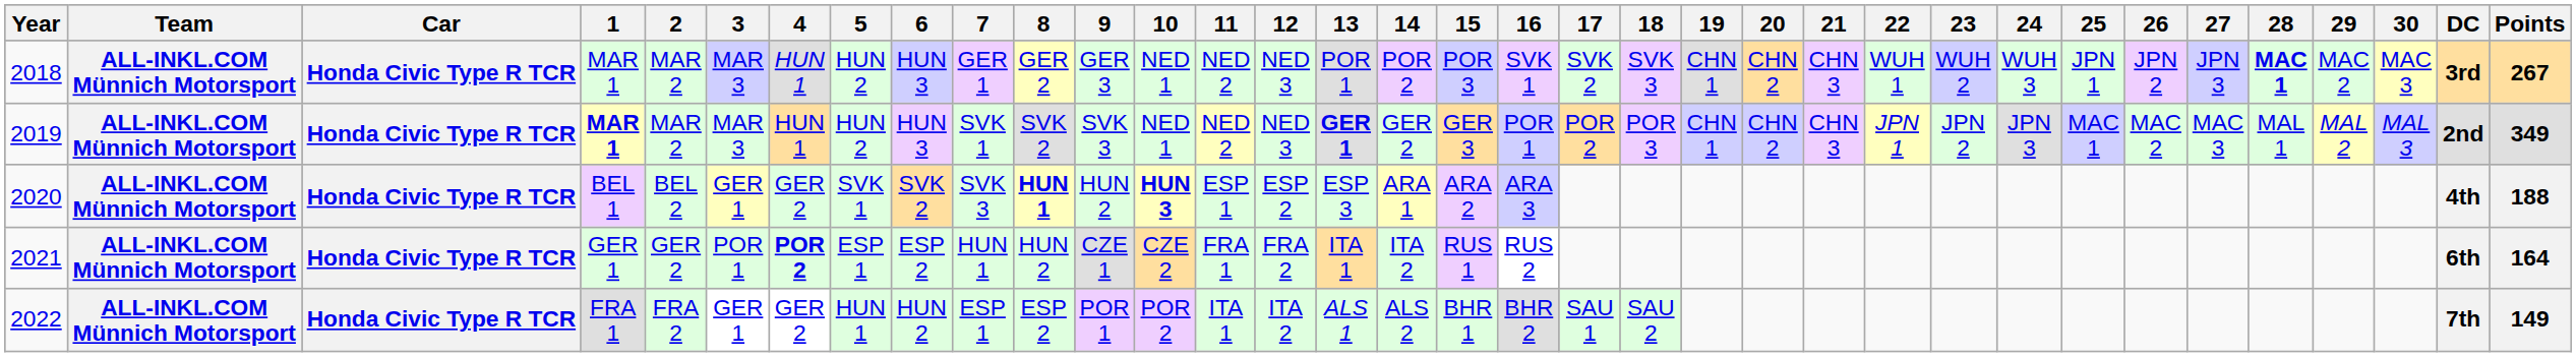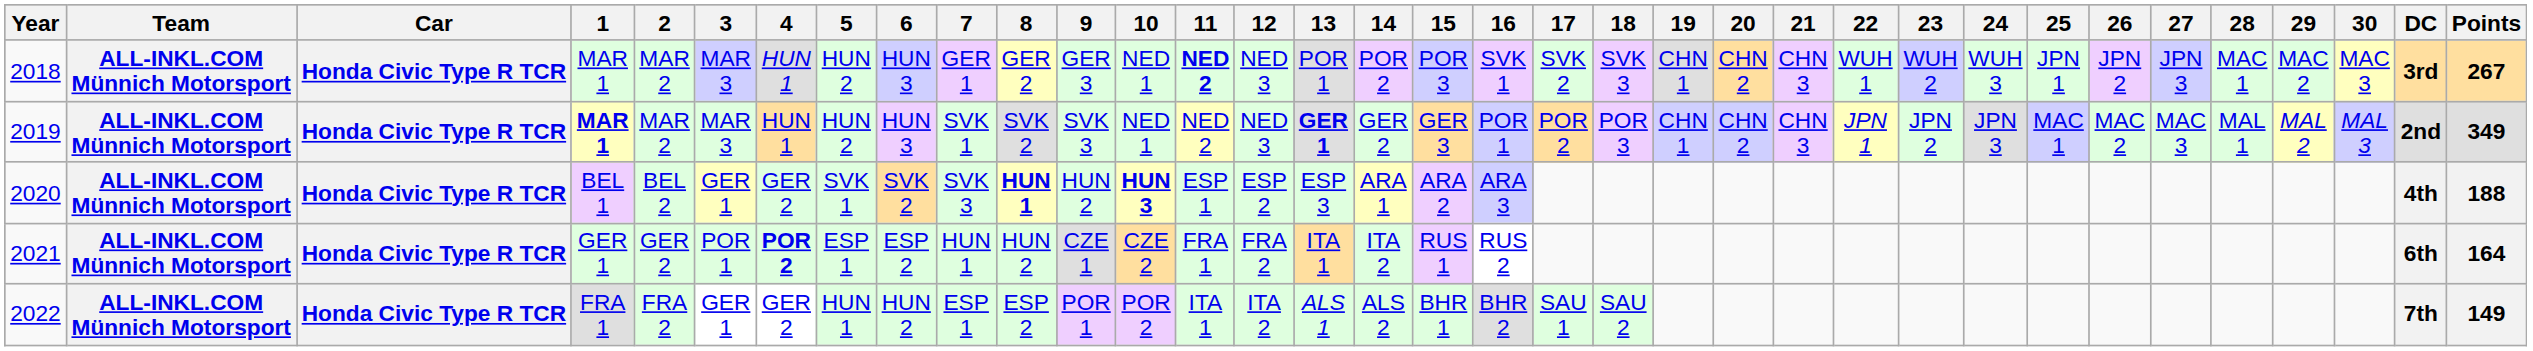 <table class="wikitable" style="text-align:center; font-size:85%">
 <tr>
 <th>Year</th>
 <th>Team</th>
 <th>Car</th>
 <th>1</th>
 <th>2</th>
 <th>3</th>
 <th>4</th>
 <th>5</th>
 <th>6</th>
 <th>7</th>
 <th>8</th>
 <th>9</th>
 <th>10</th>
 <th>11</th>
 <th>12</th>
 <th>13</th>
 <th>14</th>
 <th>15</th>
 <th>16</th>
 <th>17</th>
 <th>18</th>
 <th>19</th>
 <th>20</th>
 <th>21</th>
 <th>22</th>
 <th>23</th>
 <th>24</th>
 <th>25</th>
 <th>26</th>
 <th>27</th>
 <th>28</th>
 <th>29</th>
 <th>30</th>
 <th>DC</th>
 <th>Points</th>
 </tr>
 <tr>
 <td><a href='#'>2018</a></td>
 <th nowrap><a href='#'>ALL-INKL.COM<br>Münnich Motorsport</a></th>
 <th nowrap><a href='#'>Honda Civic Type R TCR</a></th>
 <td style="background:#DFFFDF;"><a href='#'>MAR<br>1</a><br></td>
 <td style="background:#DFFFDF;"><a href='#'>MAR<br>2</a><br></td>
 <td style="background:#CFCFFF;"><a href='#'>MAR<br>3</a><br></td>
 <td style="background:#DFDFDF;"><em><a href='#'>HUN<br>1</a></em><br></td>
 <td style="background:#DFFFDF;"><a href='#'>HUN<br>2</a><br></td>
 <td style="background:#CFCFFF;"><a href='#'>HUN<br>3</a><br></td>
 <td style="background:#EFCFFF;"><a href='#'>GER<br>1</a><br></td>
 <td style="background:#FFFFBF;"><a href='#'>GER<br>2</a><br></td>
 <td style="background:#DFFFDF;"><a href='#'>GER<br>3</a><br></td>
 <td style="background:#DFFFDF;"><a href='#'>NED<br>1</a><br></td>
-<td style="background:#DFFFDF;"><a href='#'>NED<br>2</a><br></td>
+<td style="background:#DFFFDF;"><strong><a href='#'>NED<br>2</a><br></strong></td>
 <td style="background:#DFFFDF;"><a href='#'>NED<br>3</a><br></td>
 <td style="background:#DFDFDF;"><a href='#'>POR<br>1</a><br></td>
 <td style="background:#EFCFFF;"><a href='#'>POR<br>2</a><br></td>
 <td style="background:#CFCFFF;"><a href='#'>POR<br>3</a><br></td>
 <td style="background:#EFCFFF;"><a href='#'>SVK<br>1</a><br></td>
 <td style="background:#DFFFDF;"><a href='#'>SVK<br>2</a><br></td>
 <td style="background:#EFCFFF;"><a href='#'>SVK<br>3</a><br></td>
 <td style="background:#DFDFDF;"><a href='#'>CHN<br>1</a><br></td>
 <td style="background:#FFDF9F;"><a href='#'>CHN<br>2</a><br></td>
 <td style="background:#EFCFFF;"><a href='#'>CHN<br>3</a><br></td>
 <td style="background:#DFFFDF;"><a href='#'>WUH<br>1</a><br></td>
 <td style="background:#CFCFFF;"><a href='#'>WUH<br>2</a><br></td>
 <td style="background:#DFFFDF;"><a href='#'>WUH<br>3</a><br></td>
 <td style="background:#DFFFDF;"><a href='#'>JPN<br>1</a><br></td>
 <td style="background:#EFCFFF;"><a href='#'>JPN<br>2</a><br></td>
 <td style="background:#CFCFFF;"><a href='#'>JPN<br>3</a><br></td>
-<td style="background:#DFFFDF;"><strong><a href='#'>MAC<br>1</a><br></strong></td>
+<td style="background:#DFFFDF;"><a href='#'>MAC<br>1</a><br></td>
 <td style="background:#DFFFDF;"><a href='#'>MAC<br>2</a><br></td>
 <td style="background:#FFFFBF;"><a href='#'>MAC<br>3</a><br></td>
 <th style="background:#FFDF9F;">3rd</th>
 <th style="background:#FFDF9F;">267</th>
 </tr>
 <tr>
 <td><a href='#'>2019</a></td>
 <th nowrap><a href='#'>ALL-INKL.COM<br>Münnich Motorsport</a></th>
 <th nowrap><a href='#'>Honda Civic Type R TCR</a></th>
 <td style="background:#FFFFBF;"><strong><a href='#'>MAR<br>1</a></strong><br></td>
 <td style="background:#DFFFDF;"><a href='#'>MAR<br>2</a><br></td>
 <td style="background:#DFFFDF;"><a href='#'>MAR<br>3</a><br></td>
 <td style="background:#FFDF9F;"><a href='#'>HUN<br>1</a><br></td>
 <td style="background:#DFFFDF;"><a href='#'>HUN<br>2</a><br></td>
 <td style="background:#EFCFFF;"><a href='#'>HUN<br>3</a><br></td>
 <td style="background:#DFFFDF;"><a href='#'>SVK<br>1</a><br></td>
 <td style="background:#DFDFDF;"><a href='#'>SVK<br>2</a><br></td>
 <td style="background:#DFFFDF;"><a href='#'>SVK<br>3</a><br></td>
 <td style="background:#DFFFDF;"><a href='#'>NED<br>1</a><br></td>
 <td style="background:#FFFFBF;"><a href='#'>NED<br>2</a><br></td>
 <td style="background:#DFFFDF;"><a href='#'>NED<br>3</a><br></td>
 <td style="background:#DFDFDF;"><strong><a href='#'>GER<br>1</a></strong><br></td>
 <td style="background:#DFFFDF;"><a href='#'>GER<br>2</a><br></td>
 <td style="background:#FFDF9F;"><a href='#'>GER<br>3</a><br></td>
 <td style="background:#CFCFFF;"><a href='#'>POR<br>1</a><br></td>
 <td style="background:#FFDF9F;"><a href='#'>POR<br>2</a><br></td>
 <td style="background:#EFCFFF;"><a href='#'>POR<br>3</a><br></td>
 <td style="background:#CFCFFF;"><a href='#'>CHN<br>1</a><br></td>
 <td style="background:#CFCFFF;"><a href='#'>CHN<br>2</a><br></td>
 <td style="background:#EFCFFF;"><a href='#'>CHN<br>3</a><br></td>
 <td style="background:#FFFFBF;"><em><a href='#'>JPN<br>1</a></em><br></td>
 <td style="background:#DFFFDF;"><a href='#'>JPN<br>2</a><br></td>
 <td style="background:#DFDFDF;"><a href='#'>JPN<br>3</a><br></td>
 <td style="background:#CFCFFF;"><a href='#'>MAC<br>1</a><br></td>
 <td style="background:#DFFFDF;"><a href='#'>MAC<br>2</a><br></td>
 <td style="background:#DFFFDF;"><a href='#'>MAC<br>3</a><br></td>
 <td style="background:#DFFFDF;"><a href='#'>MAL<br>1</a><br></td>
 <td style="background:#FFFFBF;"><em><a href='#'>MAL<br>2</a></em><br></td>
 <td style="background:#CFCFFF;"><em><a href='#'>MAL<br>3</a></em><br></td>
 <th style="background:#DFDFDF;">2nd</th>
 <th style="background:#DFDFDF;">349</th>
 </tr>
 <tr>
 <td><a href='#'>2020</a></td>
 <th nowrap><a href='#'>ALL-INKL.COM<br>Münnich Motorsport</a></th>
 <th nowrap><a href='#'>Honda Civic Type R TCR</a></th>
 <td style="background:#EFCFFF;"><a href='#'>BEL<br>1</a><br></td>
 <td style="background:#DFFFDF;"><a href='#'>BEL<br>2</a><br></td>
 <td style="background:#FFFFBF;"><a href='#'>GER<br>1</a><br></td>
 <td style="background:#DFFFDF;"><a href='#'>GER<br>2</a><br></td>
 <td style="background:#DFFFDF;"><a href='#'>SVK<br>1</a><br></td>
 <td style="background:#FFDF9F;"><a href='#'>SVK<br>2</a><br></td>
 <td style="background:#DFFFDF;"><a href='#'>SVK<br>3</a><br></td>
 <td style="background:#FFFFBF;"><strong><a href='#'>HUN<br>1</a></strong><br></td>
 <td style="background:#DFFFDF;"><a href='#'>HUN<br>2</a><br></td>
 <td style="background:#FFFFBF;"><strong><a href='#'>HUN<br>3</a></strong><br></td>
 <td style="background:#DFFFDF;"><a href='#'>ESP<br>1</a><br></td>
 <td style="background:#DFFFDF;"><a href='#'>ESP<br>2</a><br></td>
 <td style="background:#DFFFDF;"><a href='#'>ESP<br>3</a><br></td>
 <td style="background:#FFFFBF;"><a href='#'>ARA<br>1</a><br></td>
 <td style="background:#EFCFFF;"><a href='#'>ARA<br>2</a><br></td>
 <td style="background:#CFCFFF;"><a href='#'>ARA<br>3</a><br></td>
 <td></td>
 <td></td>
 <td></td>
 <td></td>
 <td></td>
 <td></td>
 <td></td>
 <td></td>
 <td></td>
 <td></td>
 <td></td>
 <td></td>
 <td></td>
 <td></td>
 <th>4th</th>
 <th>188</th>
 </tr>
 <tr>
 <td><a href='#'>2021</a></td>
 <th nowrap><a href='#'>ALL-INKL.COM<br>Münnich Motorsport</a></th>
 <th nowrap><a href='#'>Honda Civic Type R TCR</a></th>
 <td style="background:#DFFFDF;"><a href='#'>GER<br>1</a><br></td>
 <td style="background:#DFFFDF;"><a href='#'>GER<br>2</a><br></td>
 <td style="background:#DFFFDF;"><a href='#'>POR<br>1</a><br></td>
 <td style="background:#DFFFDF;"><strong><a href='#'>POR<br>2</a></strong><br></td>
 <td style="background:#DFFFDF;"><a href='#'>ESP<br>1</a><br></td>
 <td style="background:#DFFFDF;"><a href='#'>ESP<br>2</a><br></td>
 <td style="background:#DFFFDF;"><a href='#'>HUN<br>1</a><br></td>
 <td style="background:#DFFFDF;"><a href='#'>HUN<br>2</a><br></td>
 <td style="background:#DFDFDF;"><a href='#'>CZE<br>1</a><br></td>
 <td style="background:#FFDF9F;"><a href='#'>CZE<br>2</a><br></td>
 <td style="background:#DFFFDF;"><a href='#'>FRA<br>1</a><br></td>
 <td style="background:#DFFFDF;"><a href='#'>FRA<br>2</a><br></td>
 <td style="background:#FFDF9F;"><a href='#'>ITA<br>1</a><br></td>
 <td style="background:#DFFFDF;"><a href='#'>ITA<br>2</a><br></td>
 <td style="background:#EFCFFF;"><a href='#'>RUS<br>1</a><br></td>
 <td style="background:#FFFFFF;"><a href='#'>RUS<br>2</a><br></td>
 <td></td>
 <td></td>
 <td></td>
 <td></td>
 <td></td>
 <td></td>
 <td></td>
 <td></td>
 <td></td>
 <td></td>
 <td></td>
 <td></td>
 <td></td>
 <td></td>
 <th>6th</th>
 <th>164</th>
 </tr>
 <tr>
 <td><a href='#'>2022</a></td>
 <th nowrap><a href='#'>ALL-INKL.COM<br>Münnich Motorsport</a></th>
 <th nowrap><a href='#'>Honda Civic Type R TCR</a></th>
 <td style="background:#DFDFDF;"><a href='#'>FRA<br>1</a><br></td>
 <td style="background:#DFFFDF;"><a href='#'>FRA<br>2</a><br></td>
 <td style="background:#FFFFFF;"><a href='#'>GER<br>1</a><br></td>
 <td style="background:#FFFFFF;"><a href='#'>GER<br>2</a><br></td>
 <td style="background:#DFFFDF;"><a href='#'>HUN<br>1</a><br></td>
 <td style="background:#DFFFDF;"><a href='#'>HUN<br>2</a><br></td>
 <td style="background:#DFFFDF;"><a href='#'>ESP<br>1</a><br></td>
 <td style="background:#DFFFDF;"><a href='#'>ESP<br>2</a><br></td>
 <td style="background:#EFCFFF;"><a href='#'>POR<br>1</a><br></td>
 <td style="background:#EFCFFF;"><a href='#'>POR<br>2</a><br></td>
 <td style="background:#DFFFDF;"><a href='#'>ITA<br>1</a><br></td>
 <td style="background:#DFFFDF;"><a href='#'>ITA<br>2</a><br></td>
 <td style="background:#DFFFDF;"><em><a href='#'>ALS<br>1</a></em><br></td>
 <td style="background:#DFFFDF;"><a href='#'>ALS<br>2</a><br></td>
 <td style="background:#DFFFDF;"><a href='#'>BHR<br>1</a><br></td>
 <td style="background:#DFDFDF;"><a href='#'>BHR<br>2</a><br></td>
 <td style="background:#DFFFDF;"><a href='#'>SAU<br>1</a><br></td>
 <td style="background:#DFFFDF;"><a href='#'>SAU<br>2</a><br></td>
 <td></td>
 <td></td>
 <td></td>
 <td></td>
 <td></td>
 <td></td>
 <td></td>
 <td></td>
 <td></td>
 <td></td>
 <td></td>
 <td></td>
 <th>7th</th>
 <th>149</th>
 </tr>
 </table>
